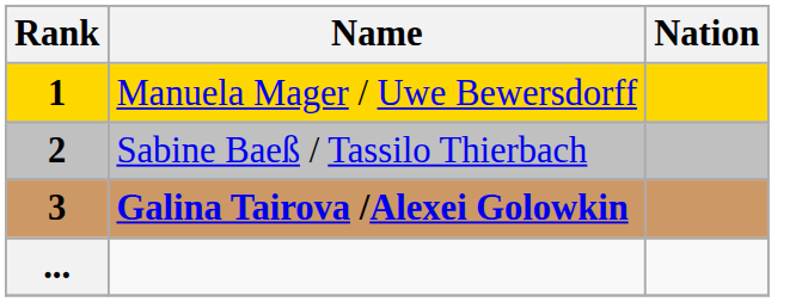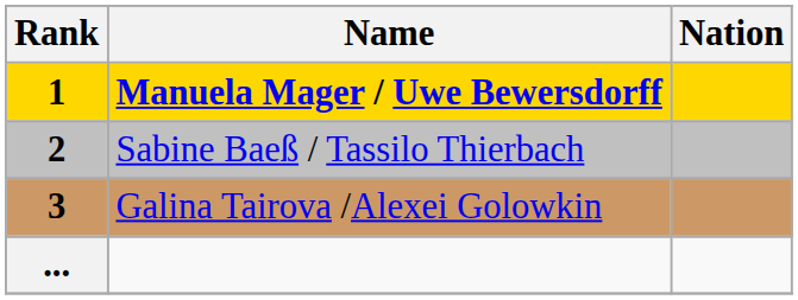 <table class="wikitable">
 <tr>
 <th>Rank</th>
 <th>Name</th>
 <th>Nation</th>
 </tr>
 <tr bgcolor="gold">
 <td align="center"><strong>1</strong></td>
-<td><a href='#'>Manuela Mager</a> / <a href='#'>Uwe Bewersdorff</a></td>
+<td><strong><a href='#'>Manuela Mager</a> / <a href='#'>Uwe Bewersdorff</a></strong></td>
 <td></td>
 </tr>
 <tr bgcolor="silver">
 <td align="center"><strong>2</strong></td>
 <td><a href='#'>Sabine Baeß</a> / <a href='#'>Tassilo Thierbach</a></td>
 <td></td>
 </tr>
 <tr bgcolor="cc9966">
 <td align="center"><strong>3</strong></td>
-<td><strong><a href='#'>Galina Tairova</a> /<a href='#'>Alexei Golowkin</a></strong></td>
+<td><a href='#'>Galina Tairova</a> /<a href='#'>Alexei Golowkin</a></td>
 <td></td>
 </tr>
 <tr>
 <th>...</th>
 <td></td>
 <td></td>
 </tr>
 <tr>
 </tr>
 </table>
